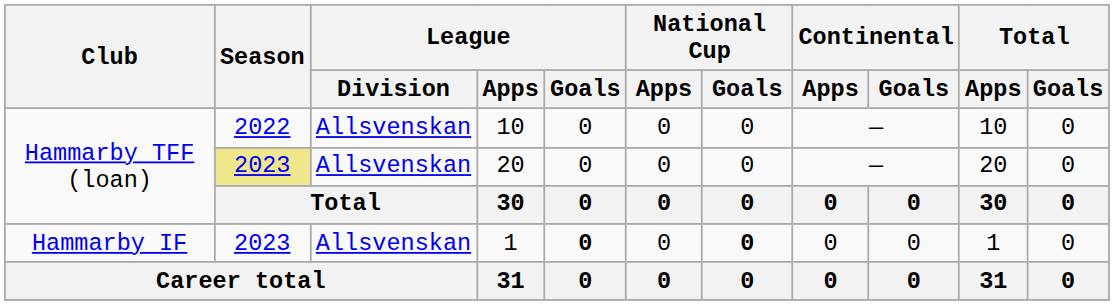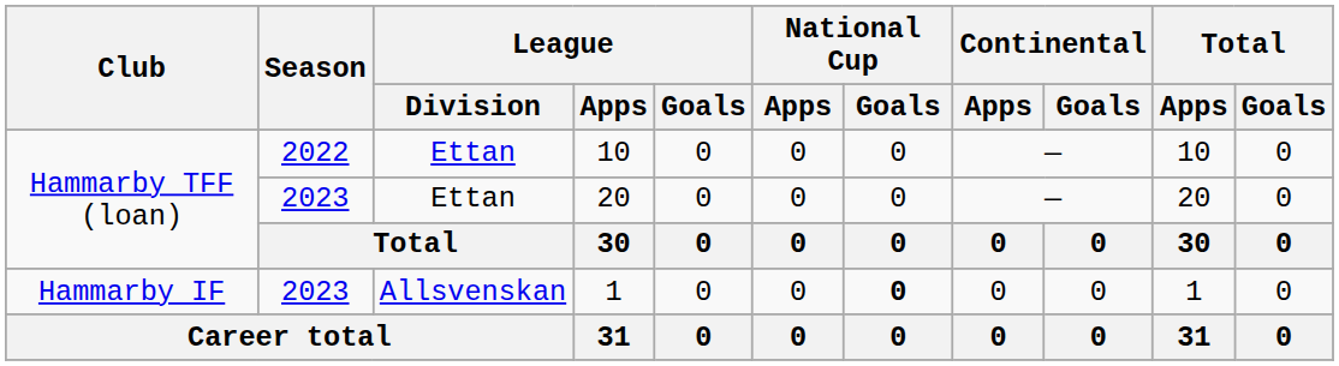 <table class="wikitable" style="text-align:center;">
 <tr>
 <th rowspan="2">Club</th>
 <th rowspan="2">Season</th>
 <th colspan="3">League</th>
 <th colspan="2">National Cup</th>
 <th colspan="2">Continental</th>
 <th colspan="2">Total</th>
 </tr>
 <tr>
 <th>Division</th>
 <th>Apps</th>
 <th>Goals</th>
 <th>Apps</th>
 <th>Goals</th>
 <th>Apps</th>
 <th>Goals</th>
 <th>Apps</th>
 <th>Goals</th>
 </tr>
 <tr>
 <td rowspan="3"><a href='#'>Hammarby TFF</a> (loan)</td>
 <td><a href='#'>2022</a></td>
-<td><a href='#'>Allsvenskan</a></td>
+<td><a href='#'>Ettan</a></td>
 <td>10</td>
 <td>0</td>
 <td>0</td>
 <td>0</td>
 <td colspan="2">—</td>
 <td>10</td>
 <td>0</td>
 </tr>
 <tr>
-<td style="background: khaki;"><a href='#'>2023</a></td>
-<td><a href='#'>Allsvenskan</a></td>
+<td><a href='#'>2023</a></td>
+<td>Ettan</td>
 <td>20</td>
 <td>0</td>
 <td>0</td>
 <td>0</td>
 <td colspan="2">—</td>
 <td>20</td>
 <td>0</td>
 </tr>
 <tr>
 <th colspan="2">Total</th>
 <th>30</th>
 <th>0</th>
 <th>0</th>
 <th>0</th>
 <th>0</th>
 <th>0</th>
 <th>30</th>
 <th>0</th>
 </tr>
 <tr>
 <td><a href='#'>Hammarby IF</a></td>
 <td><a href='#'>2023</a></td>
 <td><a href='#'>Allsvenskan</a></td>
 <td>1</td>
-<td><strong>0</strong></td>
+<td>0</td>
 <td>0</td>
 <td><strong>0</strong></td>
 <td>0</td>
 <td>0</td>
 <td>1</td>
 <td>0</td>
 </tr>
 <tr>
 <th colspan="3">Career total</th>
 <th>31</th>
 <th>0</th>
 <th>0</th>
 <th>0</th>
 <th>0</th>
 <th>0</th>
 <th>31</th>
 <th>0</th>
 </tr>
 </table>
